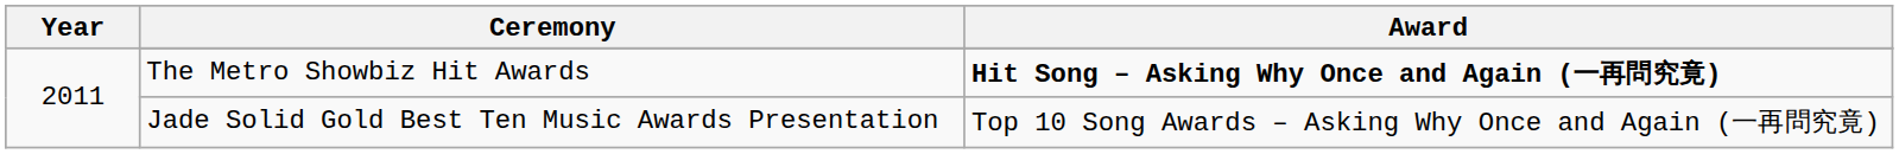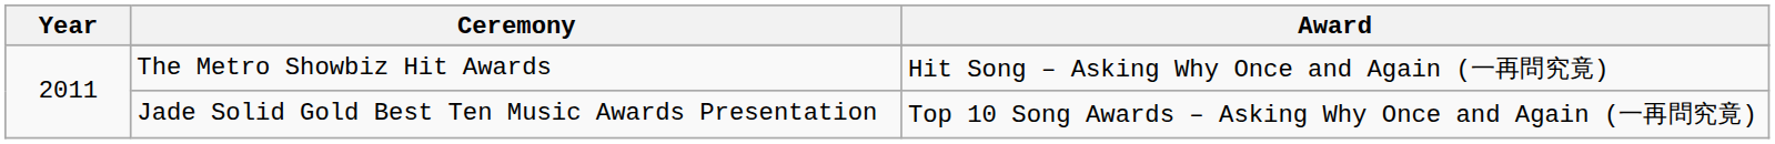 <table class="wikitable">
 <tr>
 <th width="60">Year</th>
 <th width="400">Ceremony</th>
 <th width="450">Award</th>
 </tr>
 <tr>
 <td rowspan="3" align="center">2011</td>
 </tr>
 <tr>
 <td>The Metro Showbiz Hit Awards</td>
-<td><strong>Hit Song – Asking Why Once and Again (一再問究竟)</strong></td>
+<td>Hit Song – Asking Why Once and Again (一再問究竟)</td>
 </tr>
 <tr>
 <td>Jade Solid Gold Best Ten Music Awards Presentation</td>
 <td>Top 10 Song Awards – Asking Why Once and Again (一再問究竟)</td>
 </tr>
 </table>
